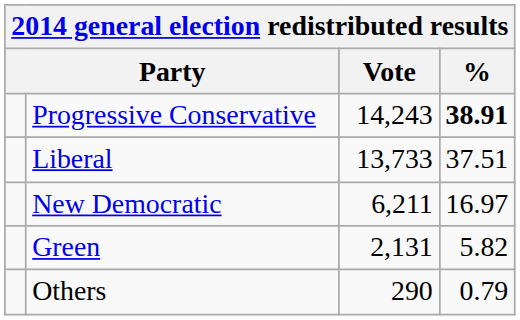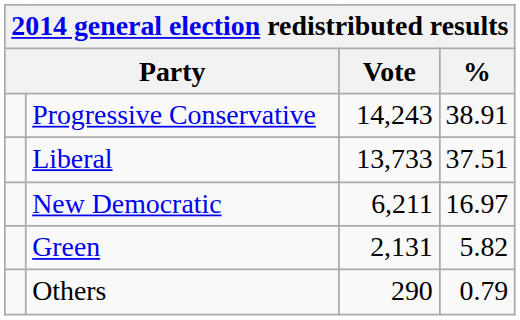 <table class="wikitable">
 <tr>
 <th colspan="4"><a href='#'>2014 general election</a> redistributed results</th>
 </tr>
 <tr>
 <th bgcolor="#DDDDFF" width="130px" colspan="2">Party</th>
 <th bgcolor="#DDDDFF" width="50px">Vote</th>
 <th bgcolor="#DDDDFF" width="30px">%</th>
 </tr>
 <tr>
 <td> </td>
 <td><a href='#'>Progressive Conservative</a></td>
 <td align=right>14,243</td>
-<td align=right><strong>38.91</strong></td>
+<td align=right>38.91</td>
 </tr>
 <tr>
 <td> </td>
 <td><a href='#'>Liberal</a></td>
 <td align=right>13,733</td>
 <td align=right>37.51</td>
 </tr>
 <tr>
 <td> </td>
 <td><a href='#'>New Democratic</a></td>
 <td align=right>6,211</td>
 <td align=right>16.97</td>
 </tr>
 <tr>
 <td> </td>
 <td><a href='#'>Green</a></td>
 <td align=right>2,131</td>
 <td align=right>5.82</td>
 </tr>
 <tr>
 <td> </td>
 <td>Others</td>
 <td align=right>290</td>
 <td align=right>0.79</td>
 </tr>
 </table>
